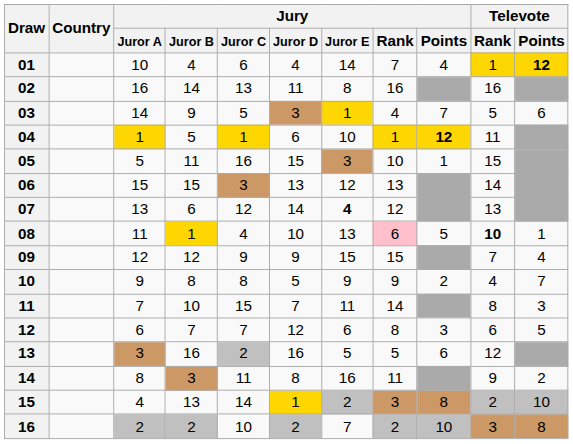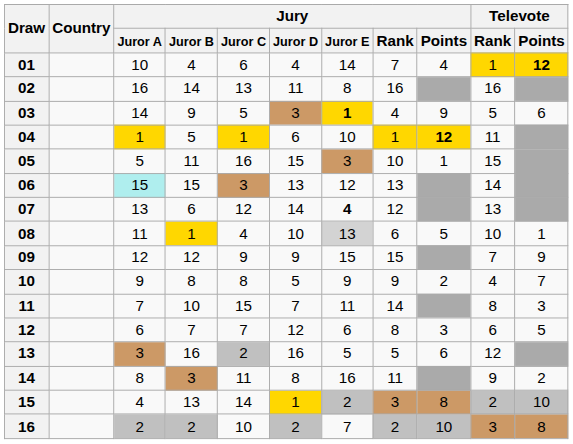 <table class="sortable wikitable collapsible plainrowheaders" style="text-align:center;">
 <tr>
 </tr>
 <tr>
 <th scope="col" rowspan="2">Draw</th>
 <th scope="col" rowspan="2">Country</th>
 <th scope="col" colspan="7">Jury</th>
 <th scope="col" colspan="2">Televote</th>
 </tr>
 <tr>
 <th scope="col"><small>Juror A</small></th>
 <th scope="col"><small>Juror B</small></th>
 <th scope="col"><small>Juror C</small></th>
 <th scope="col"><small>Juror D</small></th>
 <th scope="col"><small>Juror E</small></th>
 <th scope="col">Rank</th>
 <th scope="col">Points</th>
 <th scope="col">Rank</th>
 <th scope="col">Points</th>
 </tr>
 <tr>
 <th scope="row" style="text-align:center;">01</th>
 <td style="text-align:left;"></td>
 <td>10</td>
 <td>4</td>
 <td>6</td>
 <td>4</td>
 <td>14</td>
 <td>7</td>
 <td>4</td>
 <td style="background:gold;">1</td>
 <td style="background:gold;"><strong>12</strong></td>
 </tr>
 <tr>
 <th scope="row" style="text-align:center;">02</th>
 <td style="text-align:left;"></td>
 <td>16</td>
 <td>14</td>
 <td>13</td>
 <td>11</td>
 <td>8</td>
 <td>16</td>
 <td style="background:#AAAAAA;"></td>
 <td>16</td>
 <td style="background:#AAAAAA;"></td>
 </tr>
 <tr>
 <th scope="row" style="text-align:center;">03</th>
 <td style="text-align:left;"></td>
 <td>14</td>
 <td>9</td>
 <td>5</td>
 <td style="background:#CC9966;">3</td>
-<td style="background:gold;">1</td>
+<td style="background:gold;"><strong>1</strong></td>
 <td>4</td>
-<td>7</td>
+<td>9</td>
 <td>5</td>
 <td>6</td>
 </tr>
 <tr>
 <th scope="row" style="text-align:center;">04</th>
 <td style="text-align:left;"></td>
 <td style="background:gold;">1</td>
 <td>5</td>
 <td style="background:gold;">1</td>
 <td>6</td>
 <td>10</td>
 <td style="background:gold;">1</td>
 <td style="background:gold;"><strong>12</strong></td>
 <td>11</td>
 <td style="background:#AAAAAA;"></td>
 </tr>
 <tr>
 <th scope="row" style="text-align:center;">05</th>
 <td style="text-align:left;"></td>
 <td>5</td>
 <td>11</td>
 <td>16</td>
 <td>15</td>
 <td style="background:#CC9966;">3</td>
 <td>10</td>
 <td>1</td>
 <td>15</td>
 <td style="background:#AAAAAA;"></td>
 </tr>
 <tr>
 <th scope="row" style="text-align:center;">06</th>
 <td style="text-align:left;"></td>
-<td>15</td>
+<td style="background: paleturquoise;">15</td>
 <td>15</td>
 <td style="background:#CC9966;">3</td>
 <td>13</td>
 <td>12</td>
 <td>13</td>
 <td style="background:#AAAAAA;"></td>
 <td>14</td>
 <td style="background:#AAAAAA;"></td>
 </tr>
 <tr>
 <th scope="row" style="text-align:center;">07</th>
 <td style="text-align:left;"></td>
 <td>13</td>
 <td>6</td>
 <td>12</td>
 <td>14</td>
 <td><strong>4</strong></td>
 <td>12</td>
 <td style="background:#AAAAAA;"></td>
 <td>13</td>
 <td style="background:#AAAAAA;"></td>
 </tr>
 <tr>
 <th scope="row" style="text-align:center;">08</th>
 <td style="text-align:left;"></td>
 <td>11</td>
 <td style="background:gold;">1</td>
 <td>4</td>
 <td>10</td>
-<td>13</td>
-<td style="background: pink;">6</td>
+<td style="background: lightgrey;">13</td>
+<td>6</td>
 <td>5</td>
-<td><strong>10</strong></td>
+<td>10</td>
 <td>1</td>
 </tr>
 <tr>
 <th scope="row" style="text-align:center;">09</th>
 <td style="text-align:left;"></td>
 <td>12</td>
 <td>12</td>
 <td>9</td>
 <td>9</td>
 <td>15</td>
 <td>15</td>
 <td style="background:#AAAAAA;"></td>
 <td>7</td>
-<td>4</td>
+<td>9</td>
 </tr>
 <tr>
 <th scope="row" style="text-align:center;">10</th>
 <td style="text-align:left;"></td>
 <td>9</td>
 <td>8</td>
 <td>8</td>
 <td>5</td>
 <td>9</td>
 <td>9</td>
 <td>2</td>
 <td>4</td>
 <td>7</td>
 </tr>
 <tr>
 <th scope="row" style="text-align:center;">11</th>
 <td style="text-align:left;"></td>
 <td>7</td>
 <td>10</td>
 <td>15</td>
 <td>7</td>
 <td>11</td>
 <td>14</td>
 <td style="background:#AAAAAA;"></td>
 <td>8</td>
 <td>3</td>
 </tr>
 <tr>
 <th scope="row" style="text-align:center;">12</th>
 <td style="text-align:left;"></td>
 <td>6</td>
 <td>7</td>
 <td>7</td>
 <td>12</td>
 <td>6</td>
 <td>8</td>
 <td>3</td>
 <td>6</td>
 <td>5</td>
 </tr>
 <tr>
 <th scope="row" style="text-align:center;">13</th>
 <td style="text-align:left;"></td>
 <td style="background:#CC9966;">3</td>
 <td>16</td>
 <td style="background:silver;">2</td>
 <td>16</td>
 <td>5</td>
 <td>5</td>
 <td>6</td>
 <td>12</td>
 <td style="background:#AAAAAA;"></td>
 </tr>
 <tr>
 <th scope="row" style="text-align:center;">14</th>
 <td style="text-align:left;"></td>
 <td>8</td>
 <td style="background:#CC9966;">3</td>
 <td>11</td>
 <td>8</td>
 <td>16</td>
 <td>11</td>
 <td style="background:#AAAAAA;"></td>
 <td>9</td>
 <td>2</td>
 </tr>
 <tr>
 <th scope="row" style="text-align:center;">15</th>
 <td style="text-align:left;"></td>
 <td>4</td>
 <td>13</td>
 <td>14</td>
 <td style="background:gold;">1</td>
 <td style="background:silver;">2</td>
 <td style="background:#CC9966;">3</td>
 <td style="background:#CC9966;">8</td>
 <td style="background:silver;">2</td>
 <td style="background:silver;">10</td>
 </tr>
 <tr>
 <th scope="row" style="text-align:center;">16</th>
 <td style="text-align:left;"></td>
 <td style="background:silver;">2</td>
 <td style="background:silver;">2</td>
 <td>10</td>
 <td style="background:silver;">2</td>
 <td>7</td>
 <td style="background:silver;">2</td>
 <td style="background:silver;">10</td>
 <td style="background:#CC9966;">3</td>
 <td style="background:#CC9966;">8</td>
 </tr>
 </table>
